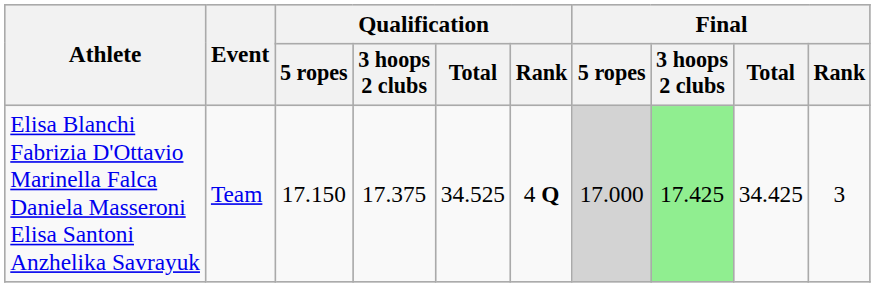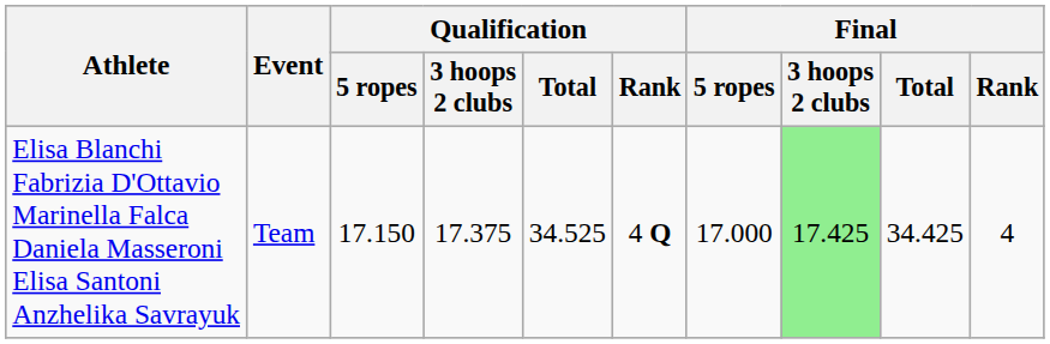 <table class="wikitable" style="font-size:90%">
 <tr>
 <th rowspan="2">Athlete</th>
 <th rowspan="2">Event</th>
 <th colspan="4">Qualification</th>
 <th colspan="4">Final</th>
 </tr>
 <tr style="font-size:95%">
 <th>5 ropes</th>
 <th>3 hoops<br>2 clubs</th>
 <th>Total</th>
 <th>Rank</th>
 <th>5 ropes</th>
 <th>3 hoops<br>2 clubs</th>
 <th>Total</th>
 <th>Rank</th>
 </tr>
 <tr align=center>
 <td align=left><a href='#'>Elisa Blanchi</a><br><a href='#'>Fabrizia D'Ottavio</a><br><a href='#'>Marinella Falca</a><br><a href='#'>Daniela Masseroni</a><br><a href='#'>Elisa Santoni</a><br><a href='#'>Anzhelika Savrayuk</a></td>
 <td align=left><a href='#'>Team</a></td>
 <td>17.150</td>
 <td>17.375</td>
 <td>34.525</td>
 <td>4 <strong>Q</strong></td>
-<td style="background: lightgrey;">17.000</td>
+<td>17.000</td>
 <td style="background: lightgreen;">17.425</td>
 <td>34.425</td>
-<td>3</td>
+<td>4</td>
 </tr>
 </table>
